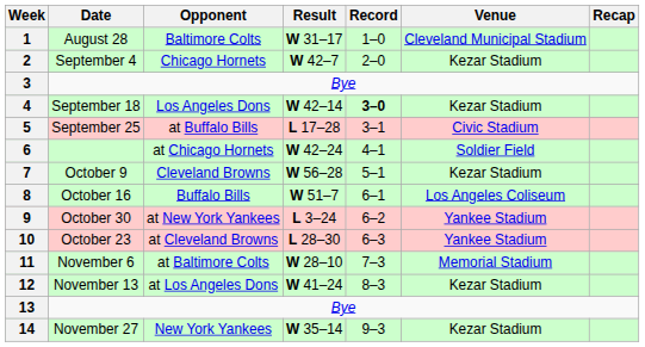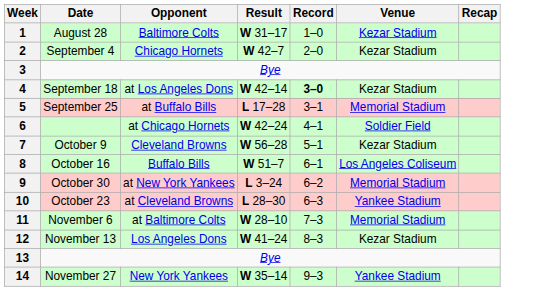 <table class="wikitable" style="text-align:center">
 <tr>
 <th>Week</th>
 <th>Date</th>
 <th>Opponent</th>
 <th>Result</th>
 <th>Record</th>
 <th>Venue</th>
 <th>Recap</th>
 </tr>
 <tr style="background:#cfc">
 <th>1</th>
 <td>August 28</td>
 <td><a href='#'>Baltimore Colts</a></td>
 <td><strong>W</strong> 31–17</td>
 <td>1–0</td>
-<td><a href='#'>Cleveland Municipal Stadium</a></td>
+<td><a href='#'>Kezar Stadium</a></td>
 <td></td>
 </tr>
 <tr style="background:#cfc">
 <th>2</th>
 <td>September 4</td>
 <td><a href='#'>Chicago Hornets</a></td>
 <td><strong>W</strong> 42–7</td>
 <td>2–0</td>
 <td>Kezar Stadium</td>
 <td></td>
 </tr>
 <tr>
 <th>3</th>
 <td colspan="6"><em><a href='#'>Bye</a></em></td>
 </tr>
 <tr style="background:#cfc">
 <th>4</th>
 <td>September 18</td>
-<td><a href='#'>Los Angeles Dons</a></td>
+<td>at <a href='#'>Los Angeles Dons</a></td>
 <td><strong>W</strong> 42–14</td>
 <td><strong>3–0</strong></td>
 <td>Kezar Stadium</td>
 <td></td>
 </tr>
 <tr style="background:#fcc">
 <th>5</th>
 <td>September 25</td>
 <td>at <a href='#'>Buffalo Bills</a></td>
 <td><strong>L</strong> 17–28</td>
 <td>3–1</td>
-<td><a href='#'>Civic Stadium</a></td>
+<td><a href='#'>Memorial Stadium</a></td>
 <td></td>
 </tr>
 <tr style="background:#cfc">
 <th>6</th>
 <td></td>
 <td>at <a href='#'>Chicago Hornets</a></td>
 <td><strong>W</strong> 42–24</td>
 <td>4–1</td>
 <td><a href='#'>Soldier Field</a></td>
 <td></td>
 </tr>
 <tr style="background:#cfc">
 <th>7</th>
 <td>October 9</td>
 <td><a href='#'>Cleveland Browns</a></td>
 <td><strong>W</strong> 56–28</td>
 <td>5–1</td>
 <td>Kezar Stadium</td>
 <td></td>
 </tr>
 <tr style="background:#cfc">
 <th>8</th>
 <td>October 16</td>
 <td><a href='#'>Buffalo Bills</a></td>
 <td><strong>W</strong> 51–7</td>
 <td>6–1</td>
 <td><a href='#'>Los Angeles Coliseum</a></td>
 <td></td>
 </tr>
 <tr style="background:#fcc">
 <th>9</th>
 <td>October 30</td>
 <td>at <a href='#'>New York Yankees</a></td>
 <td><strong>L</strong> 3–24</td>
 <td>6–2</td>
-<td><a href='#'>Yankee Stadium</a></td>
+<td><a href='#'>Memorial Stadium</a></td>
 <td></td>
 </tr>
 <tr style="background:#fcc">
 <th>10</th>
 <td>October 23</td>
 <td>at <a href='#'>Cleveland Browns</a></td>
 <td><strong>L</strong> 28–30</td>
 <td>6–3</td>
 <td><a href='#'>Yankee Stadium</a></td>
 <td></td>
 </tr>
 <tr style="background:#cfc">
 <th>11</th>
 <td>November 6</td>
 <td>at <a href='#'>Baltimore Colts</a></td>
 <td><strong>W</strong> 28–10</td>
 <td>7–3</td>
 <td><a href='#'>Memorial Stadium</a></td>
 <td></td>
 </tr>
 <tr style="background:#cfc">
 <th>12</th>
 <td>November 13</td>
-<td>at <a href='#'>Los Angeles Dons</a></td>
+<td><a href='#'>Los Angeles Dons</a></td>
 <td><strong>W</strong> 41–24</td>
 <td>8–3</td>
 <td>Kezar Stadium</td>
 <td></td>
 </tr>
 <tr>
 <th>13</th>
 <td colspan="6"><em><a href='#'>Bye</a></em></td>
 </tr>
 <tr style="background:#cfc">
 <th>14</th>
 <td>November 27</td>
 <td><a href='#'>New York Yankees</a></td>
 <td><strong>W</strong> 35–14</td>
 <td>9–3</td>
-<td>Kezar Stadium</td>
+<td><a href='#'>Yankee Stadium</a></td>
 <td></td>
 </tr>
 </table>
